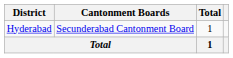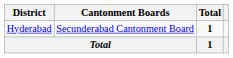 <table class="sortable wikitable">
 <tr>
 <th class="unsortable">District</th>
 <th class="unsortable">Cantonment Boards</th>
 <th>Total</th>
 <th class="unsortable"></th>
 </tr>
 <tr>
 <td><a href='#'>Hyderabad</a></td>
 <td><a href='#'>Secunderabad Cantonment Board</a></td>
-<td style="text-align:center">1</td>
+<td style="text-align:center"><strong>1</strong></td>
 <td></td>
 </tr>
 <tr>
 <th colspan="2" style="text-align:center;"><strong><em>Total</em></strong></th>
 <th style="text-align:center"><strong>1</strong></th>
 <th></th>
 </tr>
 </table>
